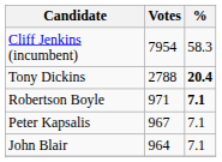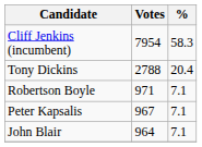 <table class="wikitable">
 <tr>
 <th bgcolor="#DDDDFF" width="150px">Candidate</th>
 <th bgcolor="#DDDDFF">Votes</th>
 <th bgcolor="#DDDDFF">%</th>
 </tr>
 <tr>
 <td><a href='#'>Cliff Jenkins</a> (incumbent)</td>
 <td>7954</td>
 <td>58.3</td>
 </tr>
 <tr>
 <td>Tony Dickins</td>
 <td>2788</td>
-<td><strong>20.4</strong></td>
+<td>20.4</td>
 </tr>
 <tr>
 <td>Robertson Boyle</td>
 <td>971</td>
-<td><strong>7.1</strong></td>
+<td>7.1</td>
 </tr>
 <tr>
 <td>Peter Kapsalis</td>
 <td>967</td>
 <td>7.1</td>
 </tr>
 <tr>
 <td>John Blair</td>
 <td>964</td>
 <td>7.1</td>
 </tr>
 <tr>
 </tr>
 </table>
